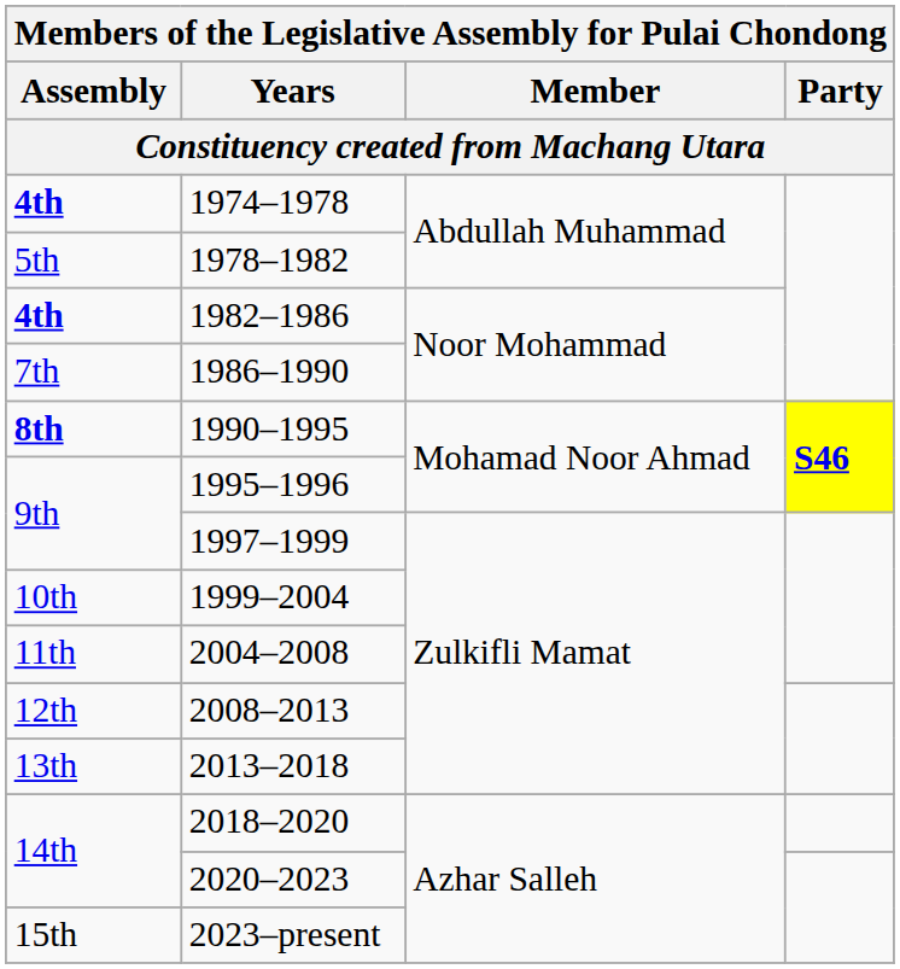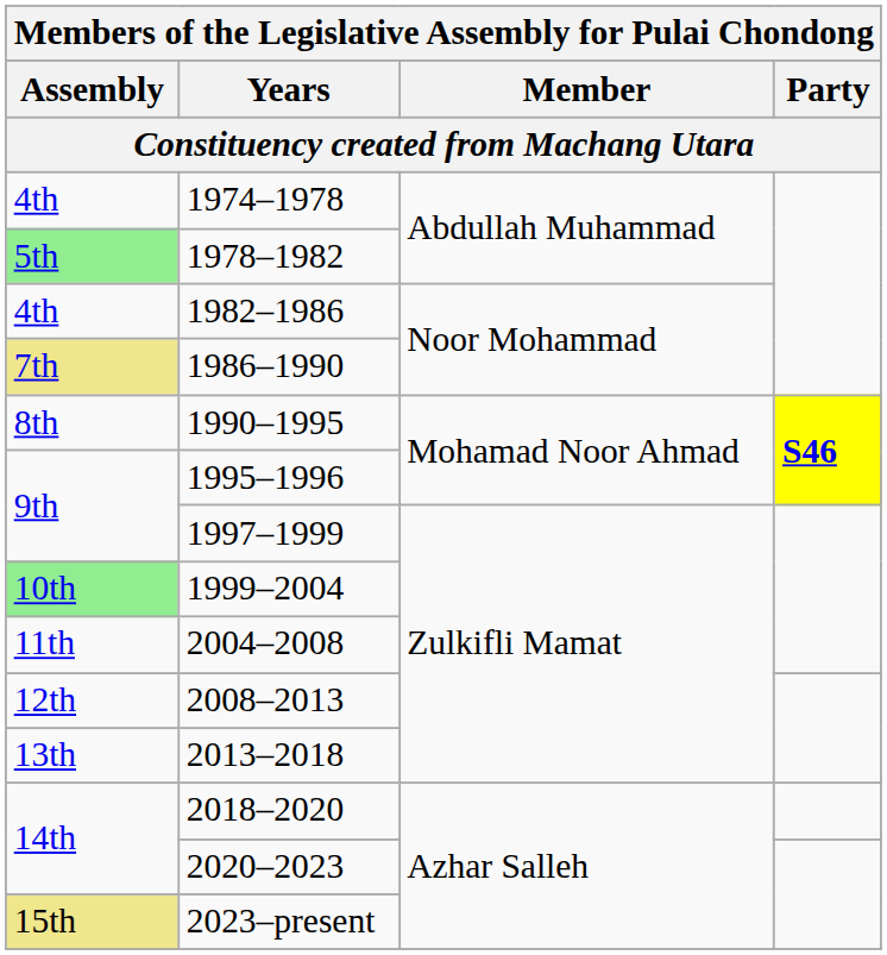 <table class=wikitable>
 <tr>
 <th colspan=4>Members of the Legislative Assembly for Pulai Chondong</th>
 </tr>
 <tr>
 <th>Assembly</th>
 <th>Years</th>
 <th>Member</th>
 <th>Party</th>
 </tr>
 <tr>
 <th colspan=4 align=center><em>Constituency created from Machang Utara</em></th>
 </tr>
 <tr>
-<td><strong><a href='#'>4th</a></strong></td>
+<td><a href='#'>4th</a></td>
 <td>1974–1978</td>
 <td rowspan=2>Abdullah Muhammad</td>
 <td rowspan=4></td>
 </tr>
 <tr>
-<td><a href='#'>5th</a></td>
+<td style="background: lightgreen;"><a href='#'>5th</a></td>
 <td>1978–1982</td>
 </tr>
 <tr>
-<td><strong><a href='#'>4th</a></strong></td>
+<td><a href='#'>4th</a></td>
 <td>1982–1986</td>
 <td rowspan=2>Noor Mohammad</td>
 </tr>
 <tr>
-<td><a href='#'>7th</a></td>
+<td style="background: khaki;"><a href='#'>7th</a></td>
 <td>1986–1990</td>
 </tr>
 <tr>
-<td><strong><a href='#'>8th</a></strong></td>
+<td><a href='#'>8th</a></td>
 <td>1990–1995</td>
 <td rowspan=2>Mohamad Noor Ahmad</td>
 <td rowspan=2 bgcolor="yellow"><strong><a href='#'>S46</a></strong></td>
 </tr>
 <tr>
 <td rowspan=2><a href='#'>9th</a></td>
 <td>1995–1996</td>
 </tr>
 <tr>
 <td>1997–1999</td>
 <td rowspan=5>Zulkifli Mamat</td>
 <td rowspan=3></td>
 </tr>
 <tr>
-<td><a href='#'>10th</a></td>
+<td style="background: lightgreen;"><a href='#'>10th</a></td>
 <td>1999–2004</td>
 </tr>
 <tr>
 <td><a href='#'>11th</a></td>
 <td>2004–2008</td>
 </tr>
 <tr>
 <td><a href='#'>12th</a></td>
 <td>2008–2013</td>
 <td rowspan=2></td>
 </tr>
 <tr>
 <td><a href='#'>13th</a></td>
 <td>2013–2018</td>
 </tr>
 <tr>
 <td rowspan="2"><a href='#'>14th</a></td>
 <td>2018–2020</td>
 <td rowspan="3">Azhar Salleh</td>
 <td></td>
 </tr>
 <tr>
 <td>2020–2023</td>
 <td rowspan=2></td>
 </tr>
 <tr>
-<td>15th</td>
+<td style="background: khaki;">15th</td>
 <td>2023–present</td>
 </tr>
 </table>
